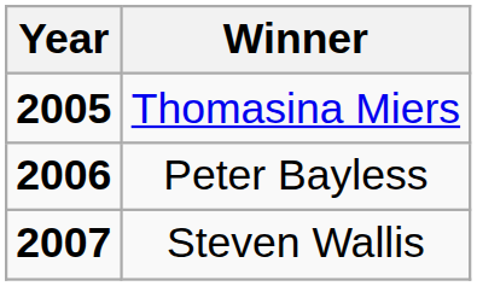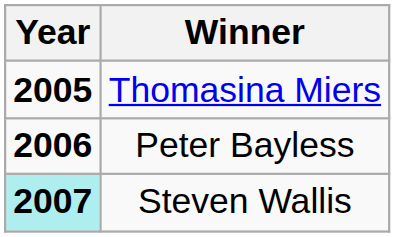 <table class="wikitable" style="text-align:center;">
 <tr>
 <th>Year</th>
 <th>Winner</th>
 </tr>
 <tr>
 <td><strong>2005</strong></td>
 <td><a href='#'>Thomasina Miers</a></td>
 </tr>
 <tr>
 <td><strong>2006</strong></td>
 <td>Peter Bayless</td>
 </tr>
 <tr>
-<td><strong>2007</strong></td>
+<td style="background: paleturquoise;"><strong>2007</strong></td>
 <td>Steven Wallis</td>
 </tr>
 </table>
